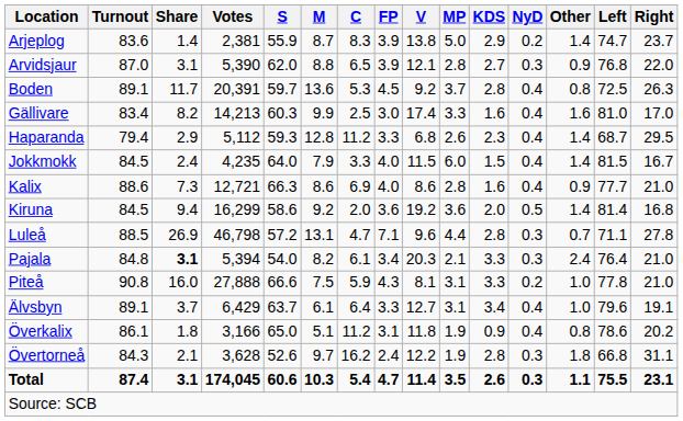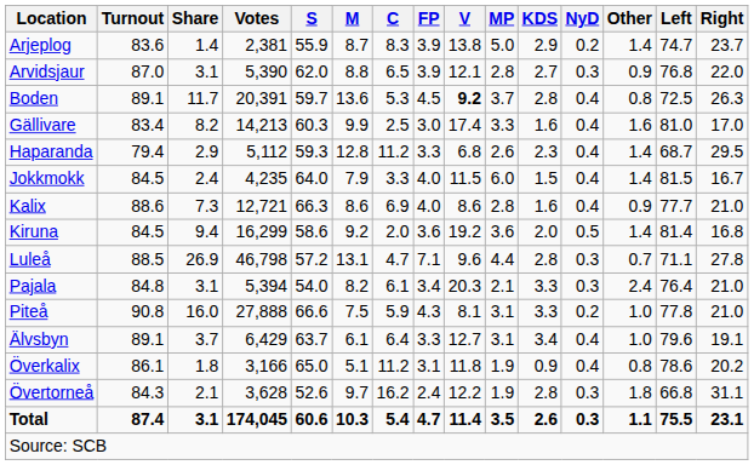 <table class="wikitable sortable" style=text-align:right>
 <tr>
 <th>Location</th>
 <th>Turnout</th>
 <th>Share</th>
 <th>Votes</th>
 <th><a href='#'>S</a></th>
 <th><a href='#'>M</a></th>
 <th><a href='#'>C</a></th>
 <th><a href='#'>FP</a></th>
 <th><a href='#'>V</a></th>
 <th><a href='#'>MP</a></th>
 <th><a href='#'>KDS</a></th>
 <th><a href='#'>NyD</a></th>
 <th>Other</th>
 <th>Left</th>
 <th>Right</th>
 </tr>
 <tr>
 <td align=left><a href='#'>Arjeplog</a></td>
 <td>83.6</td>
 <td>1.4</td>
 <td>2,381</td>
 <td>55.9</td>
 <td>8.7</td>
 <td>8.3</td>
 <td>3.9</td>
 <td>13.8</td>
 <td>5.0</td>
 <td>2.9</td>
 <td>0.2</td>
 <td>1.4</td>
 <td>74.7</td>
 <td>23.7</td>
 </tr>
 <tr>
 <td align=left><a href='#'>Arvidsjaur</a></td>
 <td>87.0</td>
 <td>3.1</td>
 <td>5,390</td>
 <td>62.0</td>
 <td>8.8</td>
 <td>6.5</td>
 <td>3.9</td>
 <td>12.1</td>
 <td>2.8</td>
 <td>2.7</td>
 <td>0.3</td>
 <td>0.9</td>
 <td>76.8</td>
 <td>22.0</td>
 </tr>
 <tr>
 <td align=left><a href='#'>Boden</a></td>
 <td>89.1</td>
 <td>11.7</td>
 <td>20,391</td>
 <td>59.7</td>
 <td>13.6</td>
 <td>5.3</td>
 <td>4.5</td>
-<td>9.2</td>
+<td><strong>9.2</strong></td>
 <td>3.7</td>
 <td>2.8</td>
 <td>0.4</td>
 <td>0.8</td>
 <td>72.5</td>
 <td>26.3</td>
 </tr>
 <tr>
 <td align=left><a href='#'>Gällivare</a></td>
 <td>83.4</td>
 <td>8.2</td>
 <td>14,213</td>
 <td>60.3</td>
 <td>9.9</td>
 <td>2.5</td>
 <td>3.0</td>
 <td>17.4</td>
 <td>3.3</td>
 <td>1.6</td>
 <td>0.4</td>
 <td>1.6</td>
 <td>81.0</td>
 <td>17.0</td>
 </tr>
 <tr>
 <td align=left><a href='#'>Haparanda</a></td>
 <td>79.4</td>
 <td>2.9</td>
 <td>5,112</td>
 <td>59.3</td>
 <td>12.8</td>
 <td>11.2</td>
 <td>3.3</td>
 <td>6.8</td>
 <td>2.6</td>
 <td>2.3</td>
 <td>0.4</td>
 <td>1.4</td>
 <td>68.7</td>
 <td>29.5</td>
 </tr>
 <tr>
 <td align=left><a href='#'>Jokkmokk</a></td>
 <td>84.5</td>
 <td>2.4</td>
 <td>4,235</td>
 <td>64.0</td>
 <td>7.9</td>
 <td>3.3</td>
 <td>4.0</td>
 <td>11.5</td>
 <td>6.0</td>
 <td>1.5</td>
 <td>0.4</td>
 <td>1.4</td>
 <td>81.5</td>
 <td>16.7</td>
 </tr>
 <tr>
 <td align=left><a href='#'>Kalix</a></td>
 <td>88.6</td>
 <td>7.3</td>
 <td>12,721</td>
 <td>66.3</td>
 <td>8.6</td>
 <td>6.9</td>
 <td>4.0</td>
 <td>8.6</td>
 <td>2.8</td>
 <td>1.6</td>
 <td>0.4</td>
 <td>0.9</td>
 <td>77.7</td>
 <td>21.0</td>
 </tr>
 <tr>
 <td align=left><a href='#'>Kiruna</a></td>
 <td>84.5</td>
 <td>9.4</td>
 <td>16,299</td>
 <td>58.6</td>
 <td>9.2</td>
 <td>2.0</td>
 <td>3.6</td>
 <td>19.2</td>
 <td>3.6</td>
 <td>2.0</td>
 <td>0.5</td>
 <td>1.4</td>
 <td>81.4</td>
 <td>16.8</td>
 </tr>
 <tr>
 <td align=left><a href='#'>Luleå</a></td>
 <td>88.5</td>
 <td>26.9</td>
 <td>46,798</td>
 <td>57.2</td>
 <td>13.1</td>
 <td>4.7</td>
 <td>7.1</td>
 <td>9.6</td>
 <td>4.4</td>
 <td>2.8</td>
 <td>0.3</td>
 <td>0.7</td>
 <td>71.1</td>
 <td>27.8</td>
 </tr>
 <tr>
 <td align=left><a href='#'>Pajala</a></td>
 <td>84.8</td>
-<td><strong>3.1</strong></td>
+<td>3.1</td>
 <td>5,394</td>
 <td>54.0</td>
 <td>8.2</td>
 <td>6.1</td>
 <td>3.4</td>
 <td>20.3</td>
 <td>2.1</td>
 <td>3.3</td>
 <td>0.3</td>
 <td>2.4</td>
 <td>76.4</td>
 <td>21.0</td>
 </tr>
 <tr>
 <td align=left><a href='#'>Piteå</a></td>
 <td>90.8</td>
 <td>16.0</td>
 <td>27,888</td>
 <td>66.6</td>
 <td>7.5</td>
 <td>5.9</td>
 <td>4.3</td>
 <td>8.1</td>
 <td>3.1</td>
 <td>3.3</td>
 <td>0.2</td>
 <td>1.0</td>
 <td>77.8</td>
 <td>21.0</td>
 </tr>
 <tr>
 <td align=left><a href='#'>Älvsbyn</a></td>
 <td>89.1</td>
 <td>3.7</td>
 <td>6,429</td>
 <td>63.7</td>
 <td>6.1</td>
 <td>6.4</td>
 <td>3.3</td>
 <td>12.7</td>
 <td>3.1</td>
 <td>3.4</td>
 <td>0.4</td>
 <td>1.0</td>
 <td>79.6</td>
 <td>19.1</td>
 </tr>
 <tr>
 <td align=left><a href='#'>Överkalix</a></td>
 <td>86.1</td>
 <td>1.8</td>
 <td>3,166</td>
 <td>65.0</td>
 <td>5.1</td>
 <td>11.2</td>
 <td>3.1</td>
 <td>11.8</td>
 <td>1.9</td>
 <td>0.9</td>
 <td>0.4</td>
 <td>0.8</td>
 <td>78.6</td>
 <td>20.2</td>
 </tr>
 <tr>
 <td align=left><a href='#'>Övertorneå</a></td>
 <td>84.3</td>
 <td>2.1</td>
 <td>3,628</td>
 <td>52.6</td>
 <td>9.7</td>
 <td>16.2</td>
 <td>2.4</td>
 <td>12.2</td>
 <td>1.9</td>
 <td>2.8</td>
 <td>0.3</td>
 <td>1.8</td>
 <td>66.8</td>
 <td>31.1</td>
 </tr>
 <tr>
 <td align=left><strong>Total</strong></td>
 <td><strong>87.4</strong></td>
 <td><strong>3.1</strong></td>
 <td><strong>174,045</strong></td>
 <td><strong>60.6</strong></td>
 <td><strong>10.3</strong></td>
 <td><strong>5.4</strong></td>
 <td><strong>4.7</strong></td>
 <td><strong>11.4</strong></td>
 <td><strong>3.5</strong></td>
 <td><strong>2.6</strong></td>
 <td><strong>0.3</strong></td>
 <td><strong>1.1</strong></td>
 <td><strong>75.5</strong></td>
 <td><strong>23.1</strong></td>
 </tr>
 <tr>
 <td align=left colspan=15>Source: SCB </td>
 </tr>
 </table>
